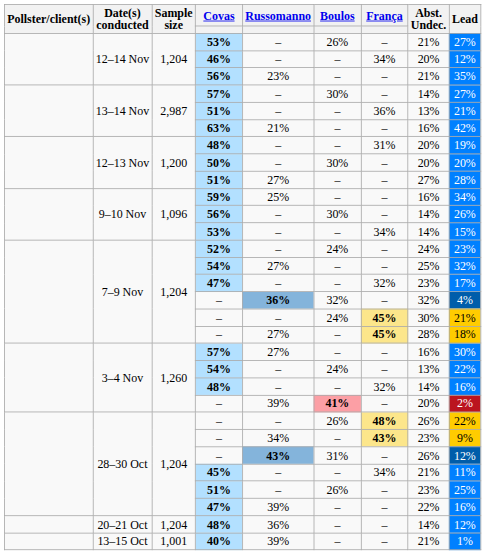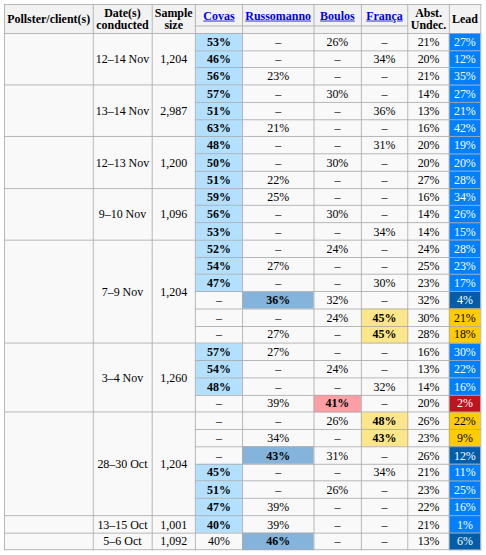 <table class="wikitable sortable" style="text-align:center;font-size:90%;line-height:14px;">
 <tr>
 <th rowspan="2">Pollster/client(s)</th>
 <th rowspan="2">Date(s)<br>conducted</th>
 <th rowspan="2" data-sort-type="number">Sample<br>size</th>
 <th class="unsortable" style="width:50px;"><a href='#'>Covas</a><br></th>
 <th class="unsortable" style="width:50px;"><a href='#'>Russomanno</a><br></th>
 <th class="unsortable" style="width:50px;"><a href='#'>Boulos</a><br></th>
 <th class="unsortable" style="width:50px;"><a href='#'>França</a><br></th>
 <th rowspan="2" class="unsortable">Abst.<br>Undec.</th>
 <th rowspan="2" data-sort-type="number">Lead</th>
 </tr>
 <tr>
 <th data-sort-type="number" class="sortable" style="background:"></th>
 <th data-sort-type="number" class="sortable" style="background:"></th>
 <th data-sort-type="number" class="sortable" style="background:"></th>
 <th data-sort-type="number" class="sortable" style="background:"></th>
 </tr>
 <tr>
 <td rowspan=3></td>
 <td rowspan=3>12–14 Nov</td>
 <td rowspan=3>1,204</td>
 <td style="background:#B3E0FF;"><strong>53%</strong></td>
 <td>–</td>
 <td>26%</td>
 <td>–</td>
 <td>21%</td>
 <td style="background:#0080FF;color:#FFFFFF;">27%</td>
 </tr>
 <tr>
 <td style="background:#B3E0FF;"><strong>46%</strong></td>
 <td>–</td>
 <td>–</td>
 <td>34%</td>
 <td>20%</td>
 <td style="background:#0080FF;color:#FFFFFF;">12%</td>
 </tr>
 <tr>
 <td style="background:#B3E0FF;"><strong>56%</strong></td>
 <td>23%</td>
 <td>–</td>
 <td>–</td>
 <td>21%</td>
 <td style="background:#0080FF;color:#FFFFFF;">35%</td>
 </tr>
 <tr>
 <td rowspan=3></td>
 <td rowspan=3>13–14 Nov</td>
 <td rowspan=3>2,987</td>
 <td style="background:#B3E0FF;"><strong>57%</strong></td>
 <td>–</td>
 <td>30%</td>
 <td>–</td>
 <td>14%</td>
 <td style="background:#0080FF;color:#FFFFFF;">27%</td>
 </tr>
 <tr>
 <td style="background:#B3E0FF;"><strong>51%</strong></td>
 <td>–</td>
 <td>–</td>
 <td>36%</td>
 <td>13%</td>
 <td style="background:#0080FF;color:#FFFFFF;">21%</td>
 </tr>
 <tr>
 <td style="background:#B3E0FF;"><strong>63%</strong></td>
 <td>21%</td>
 <td>–</td>
 <td>–</td>
 <td>16%</td>
 <td style="background:#0080FF;color:#FFFFFF;">42%</td>
 </tr>
 <tr>
 <td rowspan=3></td>
 <td rowspan=3>12–13 Nov</td>
 <td rowspan=3>1,200</td>
 <td style="background:#B3E0FF;"><strong>48%</strong></td>
 <td>–</td>
 <td>–</td>
 <td>31%</td>
 <td>20%</td>
 <td style="background:#0080FF;color:#FFFFFF;">19%</td>
 </tr>
 <tr>
 <td style="background:#B3E0FF;"><strong>50%</strong></td>
 <td>–</td>
 <td>30%</td>
 <td>–</td>
 <td>20%</td>
 <td style="background:#0080FF;color:#FFFFFF;">20%</td>
 </tr>
 <tr>
 <td style="background:#B3E0FF;"><strong>51%</strong></td>
-<td>27%</td>
+<td>22%</td>
 <td>–</td>
 <td>–</td>
 <td>27%</td>
 <td style="background:#0080FF;color:#FFFFFF;">28%</td>
 </tr>
 <tr>
 <td rowspan=3></td>
 <td rowspan=3>9–10 Nov</td>
 <td rowspan=3>1,096</td>
 <td style="background:#B3E0FF;"><strong>59%</strong></td>
 <td>25%</td>
 <td>–</td>
 <td>–</td>
 <td>16%</td>
 <td style="background:#0080FF;color:#FFFFFF;">34%</td>
 </tr>
 <tr>
 <td style="background:#B3E0FF;"><strong>56%</strong></td>
 <td>–</td>
 <td>30%</td>
 <td>–</td>
 <td>14%</td>
 <td style="background:#0080FF;color:#FFFFFF;">26%</td>
 </tr>
 <tr>
 <td style="background:#B3E0FF;"><strong>53%</strong></td>
 <td>–</td>
 <td>–</td>
 <td>34%</td>
 <td>14%</td>
 <td style="background:#0080FF;color:#FFFFFF;">15%</td>
 </tr>
 <tr>
 <td rowspan=6></td>
 <td rowspan=6>7–9 Nov</td>
 <td rowspan=6>1,204</td>
 <td style="background:#B3E0FF;"><strong>52%</strong></td>
 <td>–</td>
 <td>24%</td>
 <td>–</td>
 <td>24%</td>
-<td style="background:#0080FF;color:#FFFFFF;">23%</td>
+<td style="background:#0080FF;color:#FFFFFF;">28%</td>
 </tr>
 <tr>
 <td style="background:#B3E0FF;"><strong>54%</strong></td>
 <td>27%</td>
 <td>–</td>
 <td>–</td>
 <td>25%</td>
-<td style="background:#0080FF;color:#FFFFFF;">32%</td>
+<td style="background:#0080FF;color:#FFFFFF;">23%</td>
 </tr>
 <tr>
 <td style="background:#B3E0FF;"><strong>47%</strong></td>
 <td>–</td>
 <td>–</td>
-<td>32%</td>
+<td>30%</td>
 <td>23%</td>
 <td style="background:#0080FF;color:#FFFFFF;">17%</td>
 </tr>
 <tr>
 <td>–</td>
 <td style="background:#84B4DB;"><strong>36%</strong></td>
 <td>32%</td>
 <td>–</td>
 <td>32%</td>
 <td style="background:#005DAA;color:#FFFFFF;">4%</td>
 </tr>
 <tr>
 <td>–</td>
 <td>–</td>
 <td>24%</td>
 <td style="background:#FCE68B;"><strong>45%</strong></td>
 <td>30%</td>
 <td style="background:#FFCC00; color=#ffffff;">21%</td>
 </tr>
 <tr>
 <td>–</td>
 <td>27%</td>
 <td>–</td>
 <td style="background:#FCE68B;"><strong>45%</strong></td>
 <td>28%</td>
 <td style="background:#FFCC00; color=#ffffff;">18%</td>
 </tr>
 <tr>
 <td rowspan=4></td>
 <td rowspan=4>3–4 Nov</td>
 <td rowspan=4>1,260</td>
 <td style="background:#B3E0FF;"><strong>57%</strong></td>
 <td>27%</td>
 <td>–</td>
 <td>–</td>
 <td>16%</td>
 <td style="background:#0080FF;color:#FFFFFF;">30%</td>
 </tr>
 <tr>
 <td style="background:#B3E0FF;"><strong>54%</strong></td>
 <td>–</td>
 <td>24%</td>
 <td>–</td>
 <td>13%</td>
 <td style="background:#0080FF;color:#FFFFFF;">22%</td>
 </tr>
 <tr>
 <td style="background:#B3E0FF;"><strong>48%</strong></td>
 <td>–</td>
 <td>–</td>
 <td>32%</td>
 <td>14%</td>
 <td style="background:#0080FF;color:#FFFFFF;">16%</td>
 </tr>
 <tr>
 <td>–</td>
 <td>39%</td>
 <td style="background:#FC9FA5;"><strong>41%</strong></td>
 <td>–</td>
 <td>20%</td>
 <td style="background:#BB151F;color:#FFFFFF;">2%</td>
 </tr>
 <tr>
 <td rowspan=6></td>
 <td rowspan=6>28–30 Oct</td>
 <td rowspan=6>1,204</td>
 <td>–</td>
 <td>–</td>
 <td>26%</td>
 <td style="background:#FCE68B;"><strong>48%</strong></td>
 <td>26%</td>
 <td style="background:#FFCC00; color=#ffffff;">22%</td>
 </tr>
 <tr>
 <td>–</td>
 <td>34%</td>
 <td>–</td>
 <td style="background:#FCE68B;"><strong>43%</strong></td>
 <td>23%</td>
 <td style="background:#FFCC00;">9%</td>
 </tr>
 <tr>
 <td>–</td>
 <td style="background:#84B4DB;"><strong>43%</strong></td>
 <td>31%</td>
 <td>–</td>
 <td>26%</td>
 <td style="background:#005DAA;color:#FFFFFF;">12%</td>
 </tr>
 <tr>
 <td style="background:#B3E0FF;"><strong>45%</strong></td>
 <td>–</td>
 <td>–</td>
 <td>34%</td>
 <td>21%</td>
 <td style="background:#0080FF;color:#FFFFFF;">11%</td>
 </tr>
 <tr>
 <td style="background:#B3E0FF;"><strong>51%</strong></td>
 <td>–</td>
 <td>26%</td>
 <td>–</td>
 <td>23%</td>
 <td style="background:#0080FF;color:#FFFFFF;">25%</td>
 </tr>
 <tr>
 <td style="background:#B3E0FF;"><strong>47%</strong></td>
 <td>39%</td>
 <td>–</td>
 <td>–</td>
 <td>22%</td>
 <td style="background:#0080FF;color:#FFFFFF;">16%</td>
 </tr>
 <tr>
 <td></td>
-<td>20–21 Oct</td>
-<td>1,204</td>
-<td style="background:#B3E0FF;"><strong>48%</strong></td>
-<td>36%</td>
-<td>–</td>
-<td>–</td>
-<td>14%</td>
-<td style="background:#0080FF;color:#FFFFFF;">12%</td>
-</tr>
-<tr>
-<td></td>
 <td>13–15 Oct</td>
 <td>1,001</td>
 <td style="background:#B3E0FF;"><strong>40%</strong></td>
 <td>39%</td>
 <td>–</td>
 <td>–</td>
 <td>21%</td>
 <td style="background:#0080FF;color:#FFFFFF;">1%</td>
 </tr>
+<tr>
+<td></td>
+<td>5–6 Oct</td>
+<td>1,092</td>
+<td>40%</td>
+<td style="background:#84B4DB;"><strong>46%</strong></td>
+<td>–</td>
+<td>–</td>
+<td>13%</td>
+<td style="background:#005DAA;color:#FFFFFF;">6%</td>
+</tr>
 </table>
